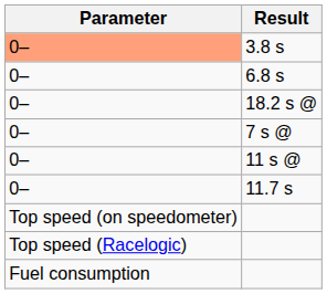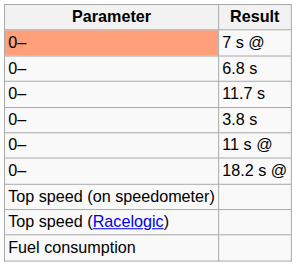 <table class="wikitable">
 <tr>
 <th>Parameter</th>
 <th>Result</th>
 </tr>
 <tr>
 <td style="background: lightsalmon;">0–</td>
-<td>3.8 s</td>
+<td>7 s @ </td>
 </tr>
 <tr>
 <td>0–</td>
 <td>6.8 s</td>
 </tr>
 <tr>
 <td>0–</td>
-<td>18.2 s @ </td>
+<td>11.7 s</td>
 </tr>
 <tr>
 <td>0–</td>
-<td>7 s @ </td>
+<td>3.8 s</td>
 </tr>
 <tr>
 <td>0–</td>
 <td>11 s @ </td>
 </tr>
 <tr>
 <td>0–</td>
-<td>11.7 s</td>
+<td>18.2 s @ </td>
 </tr>
 <tr>
 <td>Top speed (on speedometer)</td>
 <td></td>
 </tr>
 <tr>
 <td>Top speed (<a href='#'>Racelogic</a>)</td>
 <td><br></td>
 </tr>
 <tr>
 <td>Fuel consumption</td>
 <td></td>
 </tr>
 </table>
